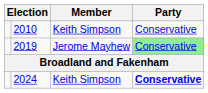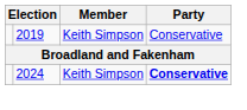 <table class="wikitable">
 <tr>
 <th colspan="2">Election</th>
 <th>Member</th>
 <th>Party</th>
 </tr>
 <tr>
 <td style="color:inherit;background-color: "></td>
-<td><a href='#'>2010</a></td>
+<td><a href='#'>2019</a></td>
 <td><a href='#'>Keith Simpson</a></td>
 <td><a href='#'>Conservative</a></td>
-</tr>
-<tr>
-<td style="color:inherit;background-color: "></td>
-<td><a href='#'>2019</a></td>
-<td><a href='#'>Jerome Mayhew</a></td>
-<td style="background: lightgreen;"><a href='#'>Conservative</a></td>
 </tr>
 <tr>
 <th colspan="4">Broadland and Fakenham</th>
 </tr>
 <tr>
 <td style="color:inherit;background-color: "></td>
 <td><a href='#'>2024</a></td>
 <td><a href='#'>Keith Simpson</a></td>
 <td><strong><a href='#'>Conservative</a></strong></td>
 </tr>
 </table>
